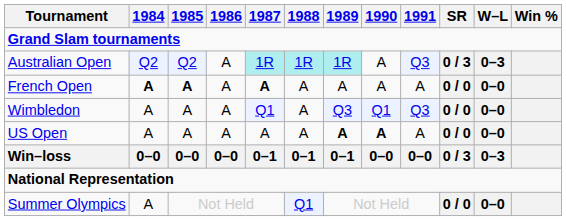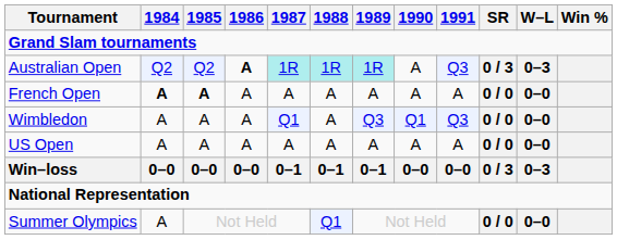 <table class=wikitable style=text-align:center;font-size:97%>
 <tr>
 <th>Tournament</th>
 <th><a href='#'>1984</a></th>
 <th><a href='#'>1985</a></th>
 <th><a href='#'>1986</a></th>
 <th><a href='#'>1987</a></th>
 <th><a href='#'>1988</a></th>
 <th><a href='#'>1989</a></th>
 <th><a href='#'>1990</a></th>
 <th><a href='#'>1991</a></th>
 <th>SR</th>
 <th>W–L</th>
 <th>Win %</th>
 </tr>
 <tr>
 <td colspan=23 align=left><strong><a href='#'>Grand Slam tournaments</a></strong></td>
 </tr>
 <tr>
 <td align=left><a href='#'>Australian Open</a></td>
 <td bgcolor=ecf2ff><a href='#'>Q2</a></td>
 <td bgcolor=ecf2ff><a href='#'>Q2</a></td>
-<td>A</td>
+<td><strong>A</strong></td>
 <td bgcolor=afeeee><a href='#'>1R</a></td>
 <td bgcolor=afeeee><a href='#'>1R</a></td>
 <td bgcolor=afeeee><a href='#'>1R</a></td>
 <td>A</td>
 <td bgcolor=ecf2ff><a href='#'>Q3</a></td>
 <th>0 / 3</th>
 <th>0–3</th>
 <th></th>
 </tr>
 <tr>
 <td align=left><a href='#'>French Open</a></td>
 <td><strong>A</strong></td>
 <td><strong>A</strong></td>
 <td>A</td>
-<td><strong>A</strong></td>
+<td>A</td>
 <td>A</td>
 <td>A</td>
 <td>A</td>
 <td>A</td>
 <th>0 / 0</th>
 <th>0–0</th>
 <th></th>
 </tr>
 <tr>
 <td align=left><a href='#'>Wimbledon</a></td>
 <td>A</td>
 <td>A</td>
 <td>A</td>
 <td bgcolor=ecf2ff><a href='#'>Q1</a></td>
 <td>A</td>
 <td bgcolor=ecf2ff><a href='#'>Q3</a></td>
 <td bgcolor=ecf2ff><a href='#'>Q1</a></td>
 <td bgcolor=ecf2ff><a href='#'>Q3</a></td>
 <th>0 / 0</th>
 <th>0–0</th>
 <th></th>
 </tr>
 <tr>
 <td align=left><a href='#'>US Open</a></td>
 <td>A</td>
 <td>A</td>
 <td>A</td>
 <td>A</td>
 <td>A</td>
-<td><strong>A</strong></td>
-<td><strong>A</strong></td>
+<td>A</td>
+<td>A</td>
 <td>A</td>
 <th>0 / 0</th>
 <th>0–0</th>
 <th></th>
 </tr>
 <tr>
 <th style=text-align:left>Win–loss</th>
 <th>0–0</th>
 <th>0–0</th>
 <th>0–0</th>
 <th>0–1</th>
 <th>0–1</th>
 <th>0–1</th>
 <th>0–0</th>
 <th>0–0</th>
 <th>0 / 3</th>
 <th>0–3</th>
 <th></th>
 </tr>
 <tr>
 <td colspan=22 align=left><strong>National Representation</strong></td>
 </tr>
 <tr>
 <td align=left><a href='#'>Summer Olympics</a></td>
 <td>A</td>
 <td colspan=3 style=color:#cccccc>Not Held</td>
 <td style=background:#ecf2ff><a href='#'>Q1</a></td>
 <td colspan=3 style=color:#cccccc>Not Held</td>
 <th>0 / 0</th>
 <th>0–0</th>
 <th></th>
 </tr>
 </table>
